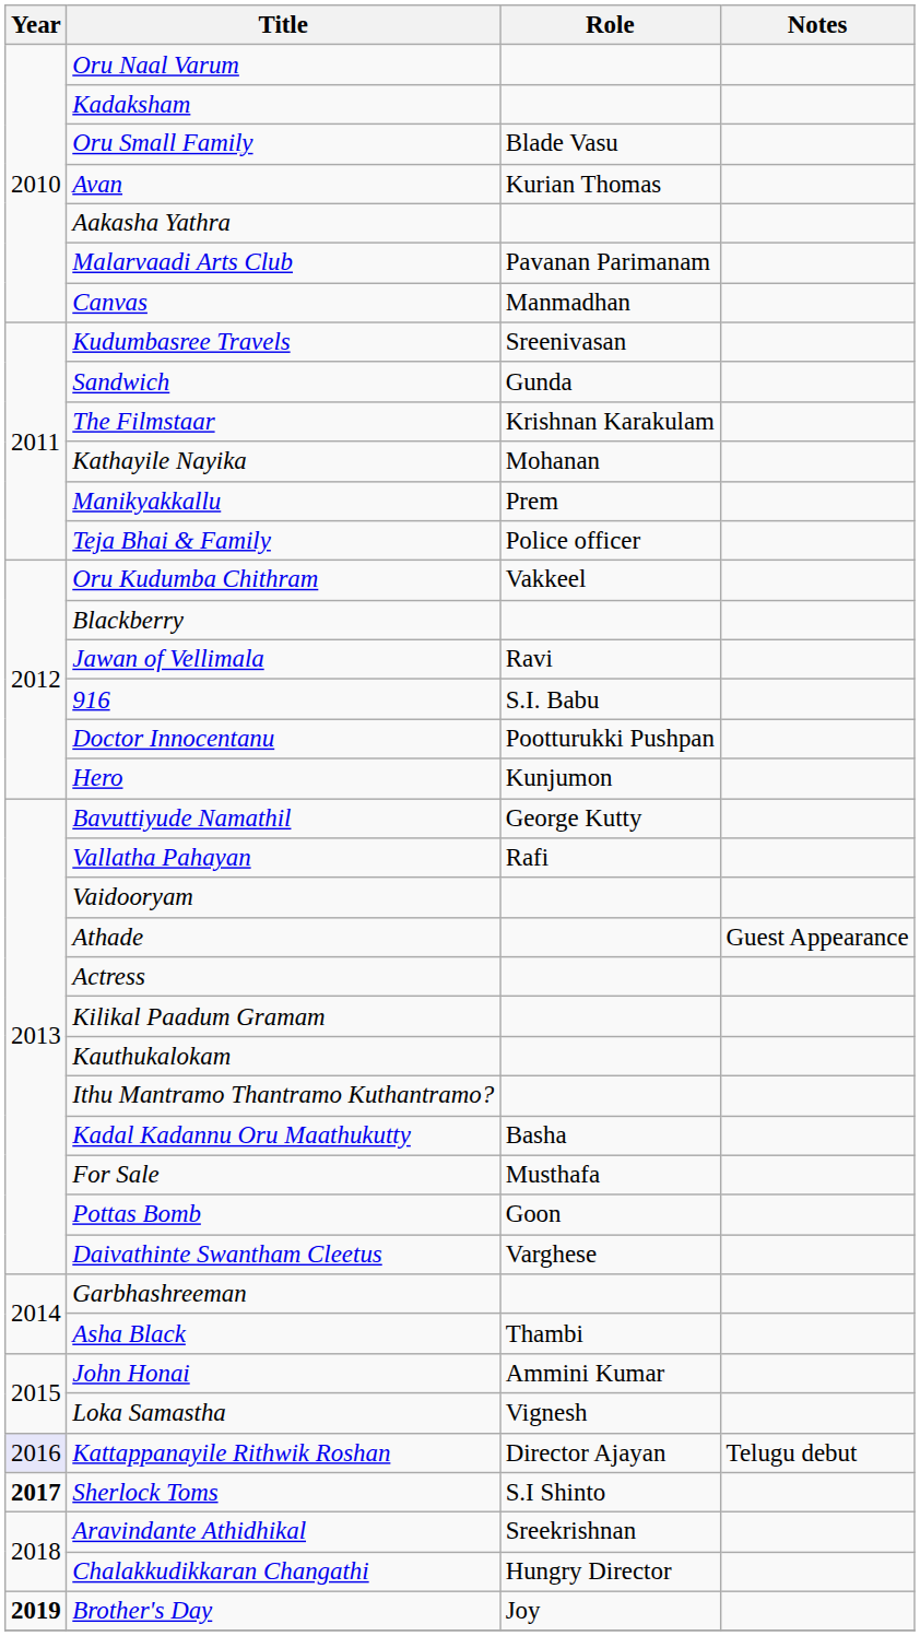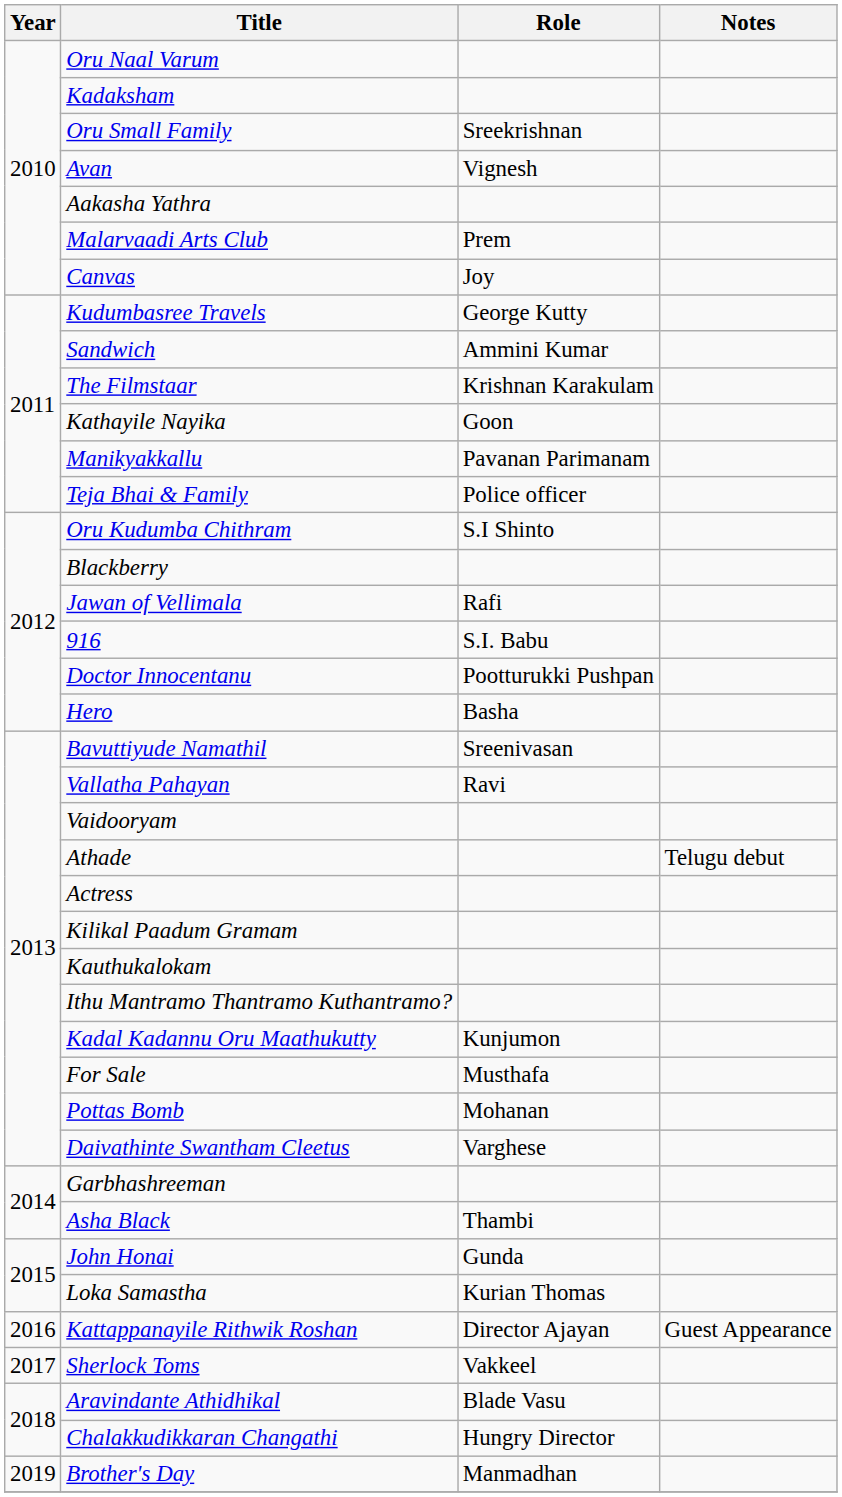 <table class="wikitable sortable">
 <tr>
 <th>Year</th>
 <th>Title</th>
 <th>Role</th>
 <th class="unsortable">Notes</th>
 </tr>
 <tr>
 <td rowspan=7>2010</td>
 <td><em><a href='#'>Oru Naal Varum</a></em></td>
 <td></td>
 <td></td>
 </tr>
 <tr>
 <td><em><a href='#'>Kadaksham</a></em></td>
 <td></td>
 <td></td>
 </tr>
 <tr>
 <td><em><a href='#'>Oru Small Family</a></em></td>
-<td>Blade Vasu</td>
+<td>Sreekrishnan</td>
 <td></td>
 </tr>
 <tr>
 <td><em><a href='#'>Avan</a></em></td>
-<td>Kurian Thomas</td>
+<td>Vignesh</td>
 <td></td>
 </tr>
 <tr>
 <td><em>Aakasha Yathra</em></td>
 <td></td>
 <td></td>
 </tr>
 <tr>
 <td><em><a href='#'>Malarvaadi Arts Club</a></em></td>
-<td>Pavanan Parimanam</td>
+<td>Prem</td>
 <td></td>
 </tr>
 <tr>
 <td><em><a href='#'>Canvas</a></em></td>
-<td>Manmadhan</td>
+<td>Joy</td>
 <td></td>
 </tr>
 <tr>
 <td rowspan=6>2011</td>
 <td><em><a href='#'>Kudumbasree Travels</a></em></td>
-<td>Sreenivasan</td>
+<td>George Kutty</td>
 <td></td>
 </tr>
 <tr>
 <td><em><a href='#'>Sandwich</a></em></td>
-<td>Gunda</td>
+<td>Ammini Kumar</td>
 <td></td>
 </tr>
 <tr>
 <td><em><a href='#'>The Filmstaar</a></em></td>
 <td>Krishnan Karakulam</td>
 <td></td>
 </tr>
 <tr>
 <td><em>Kathayile Nayika</em></td>
-<td>Mohanan</td>
+<td>Goon</td>
 <td></td>
 </tr>
 <tr>
 <td><em><a href='#'>Manikyakkallu</a></em></td>
-<td>Prem</td>
+<td>Pavanan Parimanam</td>
 <td></td>
 </tr>
 <tr>
 <td><em><a href='#'>Teja Bhai & Family</a></em></td>
 <td>Police officer</td>
 <td></td>
 </tr>
 <tr>
 <td rowspan=6>2012</td>
 <td><em><a href='#'>Oru Kudumba Chithram</a></em></td>
-<td>Vakkeel</td>
+<td>S.I Shinto</td>
 <td></td>
 </tr>
 <tr>
 <td><em>Blackberry</em></td>
 <td></td>
 <td></td>
 </tr>
 <tr>
 <td><em><a href='#'>Jawan of Vellimala</a></em></td>
-<td>Ravi</td>
+<td>Rafi</td>
 <td></td>
 </tr>
 <tr>
 <td><em><a href='#'>916</a></em></td>
 <td>S.I. Babu</td>
 <td></td>
 </tr>
 <tr>
 <td><em><a href='#'>Doctor Innocentanu</a></em></td>
 <td>Pootturukki Pushpan</td>
 <td></td>
 </tr>
 <tr>
 <td><em><a href='#'>Hero</a></em></td>
-<td>Kunjumon</td>
+<td>Basha</td>
 <td></td>
 </tr>
 <tr>
 <td rowspan=12>2013</td>
 <td><em><a href='#'>Bavuttiyude Namathil</a></em></td>
-<td>George Kutty</td>
+<td>Sreenivasan</td>
 <td></td>
 </tr>
 <tr>
 <td><em><a href='#'>Vallatha Pahayan</a></em></td>
-<td>Rafi</td>
+<td>Ravi</td>
 <td></td>
 </tr>
 <tr>
 <td><em>Vaidooryam</em></td>
 <td></td>
 <td></td>
 </tr>
 <tr>
 <td><em>Athade</em></td>
 <td></td>
-<td>Guest Appearance</td>
+<td>Telugu debut</td>
 </tr>
 <tr>
 <td><em>Actress</em></td>
 <td></td>
 <td></td>
 </tr>
 <tr>
 <td><em>Kilikal Paadum Gramam</em></td>
 <td></td>
 <td></td>
 </tr>
 <tr>
 <td><em>Kauthukalokam</em></td>
 <td></td>
 <td></td>
 </tr>
 <tr>
 <td><em>Ithu Mantramo Thantramo Kuthantramo?</em></td>
 <td></td>
 <td></td>
 </tr>
 <tr>
 <td><em><a href='#'>Kadal Kadannu Oru Maathukutty</a></em></td>
-<td>Basha</td>
+<td>Kunjumon</td>
 <td></td>
 </tr>
 <tr>
 <td><em>For Sale</em></td>
 <td>Musthafa</td>
 <td></td>
 </tr>
 <tr>
 <td><em><a href='#'>Pottas Bomb</a></em></td>
-<td>Goon</td>
+<td>Mohanan</td>
 <td></td>
 </tr>
 <tr>
 <td><em><a href='#'>Daivathinte Swantham Cleetus</a></em></td>
 <td>Varghese</td>
 <td></td>
 </tr>
 <tr>
 <td rowspan="2">2014</td>
 <td><em>Garbhashreeman</em></td>
 <td></td>
 <td></td>
 </tr>
 <tr>
 <td><em><a href='#'>Asha Black</a></em></td>
 <td>Thambi</td>
 <td></td>
 </tr>
 <tr>
 <td rowspan=2>2015</td>
 <td><em><a href='#'>John Honai</a></em></td>
-<td>Ammini Kumar</td>
+<td>Gunda</td>
 <td></td>
 </tr>
 <tr>
 <td><em>Loka Samastha</em></td>
-<td>Vignesh</td>
+<td>Kurian Thomas</td>
 <td></td>
 </tr>
 <tr>
-<td style="background: lavender;">2016</td>
+<td>2016</td>
 <td><em><a href='#'>Kattappanayile Rithwik Roshan</a></em></td>
 <td>Director Ajayan</td>
-<td>Telugu debut</td>
+<td>Guest Appearance</td>
 </tr>
 <tr>
-<td><strong>2017</strong></td>
+<td>2017</td>
 <td><em><a href='#'>Sherlock Toms</a></em></td>
-<td>S.I Shinto</td>
+<td>Vakkeel</td>
 <td></td>
 </tr>
 <tr>
 <td rowspan=2>2018</td>
 <td><em><a href='#'>Aravindante Athidhikal</a></em></td>
-<td>Sreekrishnan</td>
+<td>Blade Vasu</td>
 <td></td>
 </tr>
 <tr>
 <td><em><a href='#'>Chalakkudikkaran Changathi</a></em></td>
 <td>Hungry Director</td>
 <td></td>
 </tr>
 <tr>
-<td><strong>2019</strong></td>
+<td>2019</td>
 <td><em><a href='#'>Brother's Day</a></em></td>
-<td>Joy</td>
+<td>Manmadhan</td>
 <td></td>
 </tr>
 <tr>
 </tr>
 </table>
